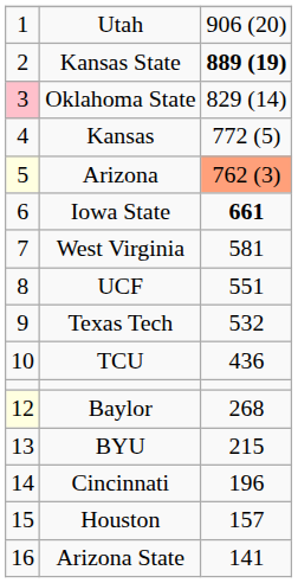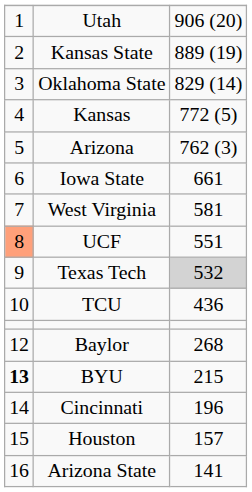 <table class="wikitable" style="display: inline-table;">
 <tr align="center">
 </tr>
 <tr align="center">
 <td>1</td>
 <td>Utah</td>
 <td>906 (20)</td>
 </tr>
 <tr align="center">
 <td>2</td>
 <td>Kansas State</td>
-<td><strong>889 (19)</strong></td>
+<td>889 (19)</td>
 </tr>
 <tr align="center">
-<td style="background: pink;">3</td>
+<td>3</td>
 <td>Oklahoma State</td>
 <td>829 (14)</td>
 </tr>
 <tr align="center">
 <td>4</td>
 <td>Kansas</td>
 <td>772 (5)</td>
 </tr>
 <tr align="center">
-<td style="background: lightyellow;">5</td>
+<td>5</td>
 <td>Arizona</td>
-<td style="background: lightsalmon;">762 (3)</td>
+<td>762 (3)</td>
 </tr>
 <tr align="center">
 <td>6</td>
 <td>Iowa State</td>
-<td><strong>661</strong></td>
+<td>661</td>
 </tr>
 <tr align="center">
 <td>7</td>
 <td>West Virginia</td>
 <td>581</td>
 </tr>
 <tr align="center">
-<td>8</td>
+<td style="background: lightsalmon;">8</td>
 <td>UCF</td>
 <td>551</td>
 </tr>
 <tr align="center">
 <td>9</td>
 <td>Texas Tech</td>
-<td>532</td>
+<td style="background: lightgrey;">532</td>
 </tr>
 <tr align="center">
 <td>10</td>
 <td>TCU</td>
 <td>436</td>
 </tr>
 <tr align="center">
 <td><strong></strong></td>
 <td><strong></strong></td>
 <td><strong></strong></td>
 </tr>
 <tr align="center">
-<td style="background: lightyellow;">12</td>
+<td>12</td>
 <td>Baylor</td>
 <td>268</td>
 </tr>
 <tr align="center">
-<td>13</td>
+<td><strong>13</strong></td>
 <td>BYU</td>
 <td>215</td>
 </tr>
 <tr align="center">
 <td>14</td>
 <td>Cincinnati</td>
 <td>196</td>
 </tr>
 <tr align="center">
 <td>15</td>
 <td>Houston</td>
 <td>157</td>
 </tr>
 <tr align="center">
 <td>16</td>
 <td>Arizona State</td>
 <td>141</td>
 </tr>
 </table>
